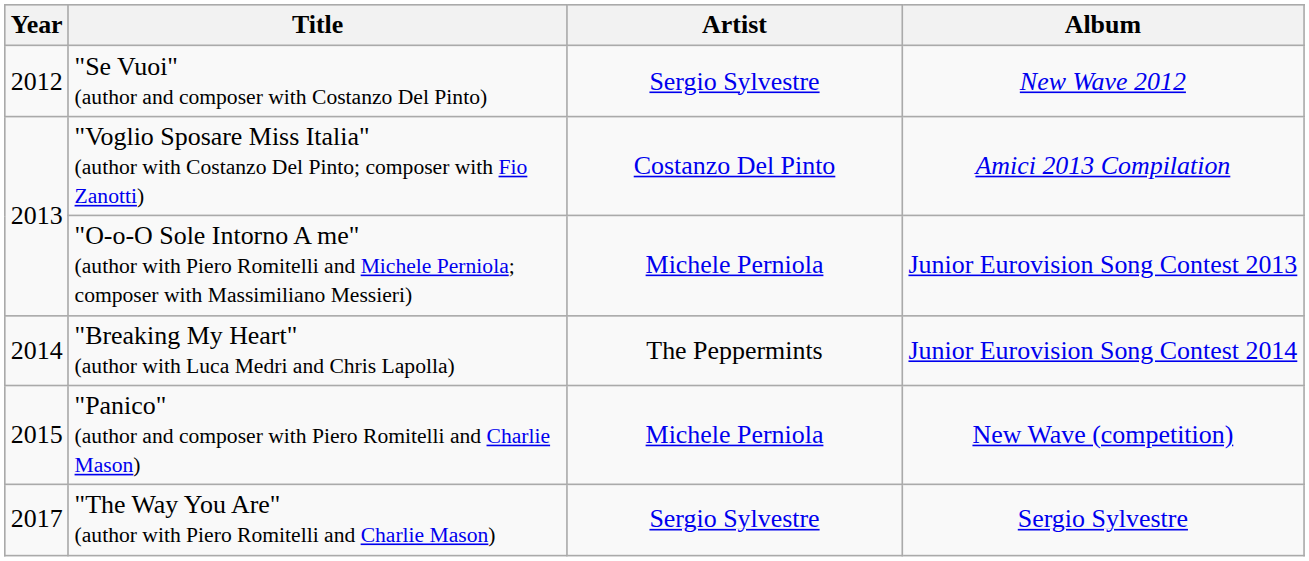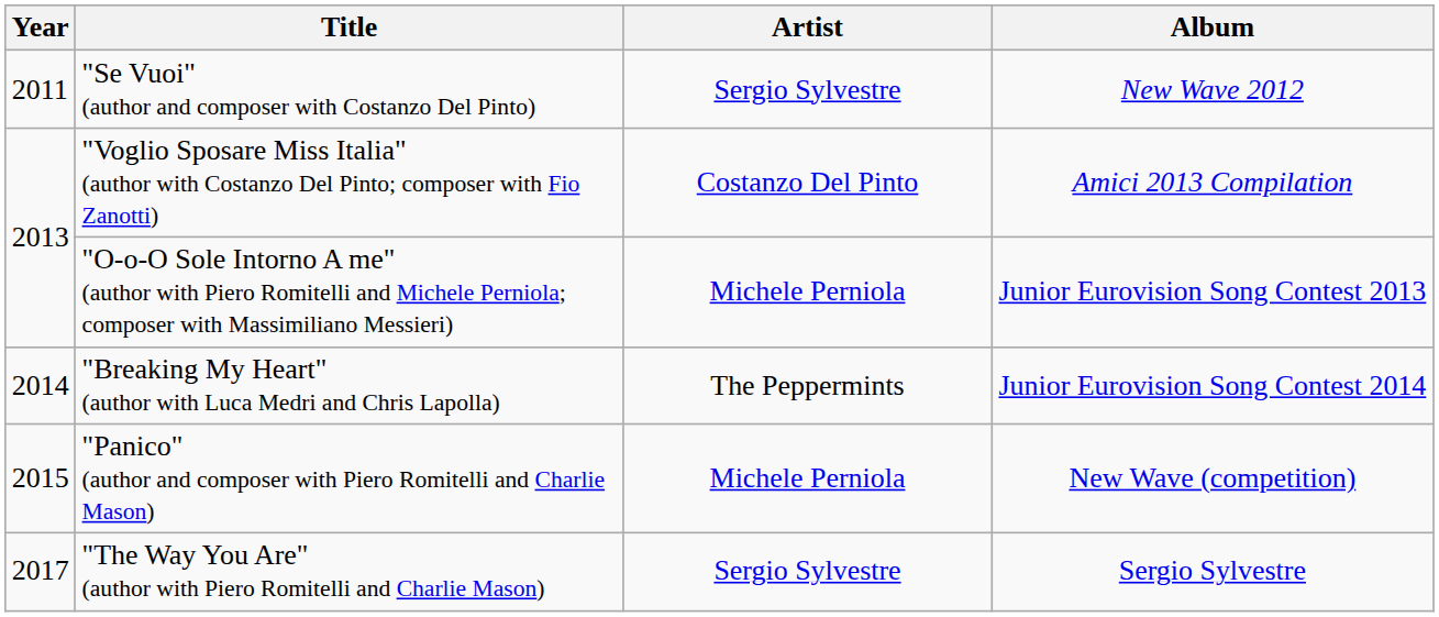 <table class="wikitable">
 <tr>
 <th width="25">Year</th>
 <th width="300">Title</th>
 <th width="200">Artist</th>
 <th>Album</th>
 </tr>
 <tr>
-<td>2012</td>
+<td>2011</td>
 <td>"Se Vuoi"<br><small>(author and composer with Costanzo Del Pinto)</small></td>
 <td align="center"><a href='#'>Sergio Sylvestre</a></td>
 <td align="center"><em><a href='#'>New Wave 2012</a></em></td>
 </tr>
 <tr>
 <td rowspan="2">2013</td>
 <td>"Voglio Sposare Miss Italia"<br><small>(author with Costanzo Del Pinto; composer with <a href='#'>Fio Zanotti</a>)</small></td>
 <td align="center"><a href='#'>Costanzo Del Pinto</a></td>
 <td align="center"><em><a href='#'>Amici 2013 Compilation</a></em></td>
 </tr>
 <tr>
 <td>"O-o-O Sole Intorno A me"<br><small>(author with Piero Romitelli and <a href='#'>Michele Perniola</a>; composer with Massimiliano Messieri)</small></td>
 <td align="center"><a href='#'>Michele Perniola</a></td>
 <td align="center"><a href='#'>Junior Eurovision Song Contest 2013</a></td>
 </tr>
 <tr>
 <td rowspan="1">2014</td>
 <td>"Breaking My Heart"<br><small>(author with Luca Medri and Chris Lapolla)</small></td>
 <td align="center">The Peppermints</td>
 <td align="center"><a href='#'>Junior Eurovision Song Contest 2014</a></td>
 </tr>
 <tr>
 <td rowspan="1">2015</td>
 <td>"Panico"<br><small>(author and composer with Piero Romitelli and <a href='#'>Charlie Mason</a>)</small></td>
 <td align="center"><a href='#'>Michele Perniola</a></td>
 <td align="center"><a href='#'>New Wave (competition)</a></td>
 </tr>
 <tr>
 <td rowspan="1">2017</td>
 <td>"The Way You Are"<br><small>(author with Piero Romitelli and <a href='#'>Charlie Mason</a>)</small></td>
 <td align="center"><a href='#'>Sergio Sylvestre</a></td>
 <td align="center"><a href='#'>Sergio Sylvestre</a></td>
 </tr>
 </table>
